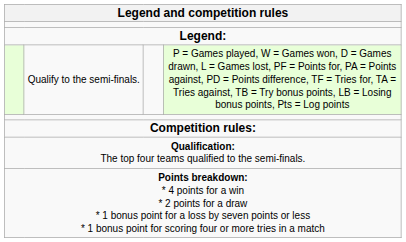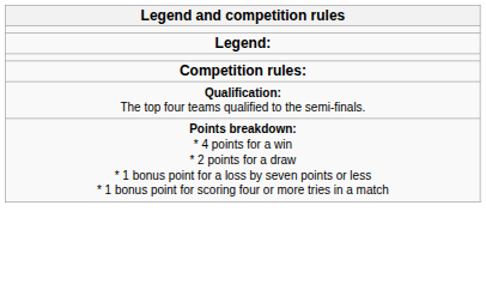 <table class="wikitable collapsible collapsed" style="text-align:center; line-height:100%; font-size:100%; width:60%;">
 <tr>
 <th colspan="4" style="border:0px">Legend and competition rules</th>
 </tr>
 <tr>
 <td colspan="4"></td>
 </tr>
 <tr>
 <td colspan="4" style="border:0px"><strong>Legend:</strong></td>
-</tr>
-<tr>
-<td style="width:5%; background:#E8FFD8"></td>
-<td style="width:30%;"><small>Qualify to the semi-finals.</small></td>
-<td style="width:5%;"></td>
-<td style="width:60%; background:#E8FFD8;"><small>P = Games played, W = Games won, D = Games drawn, L = Games lost, PF = Points for, PA = Points against, PD = Points difference, TF = Tries for, TA = Tries against, TB = Try bonus points, LB = Losing bonus points, Pts = Log points</small></td>
 </tr>
 <tr>
 <td colspan="4"></td>
 </tr>
 <tr>
 <td colspan="4" style="border:0px"><strong>Competition rules:</strong></td>
 </tr>
 <tr>
 <td colspan="4"><small><strong>Qualification:</strong><br>The top four teams qualified to the semi-finals.</small></td>
 </tr>
 <tr>
 <td colspan="4"><small><strong>Points breakdown:</strong><br>* 4 points for a win<br>* 2 points for a draw<br>* 1 bonus point for a loss by seven points or less<br>* 1 bonus point for scoring four or more tries in a match</small></td>
 </tr>
 </table>
